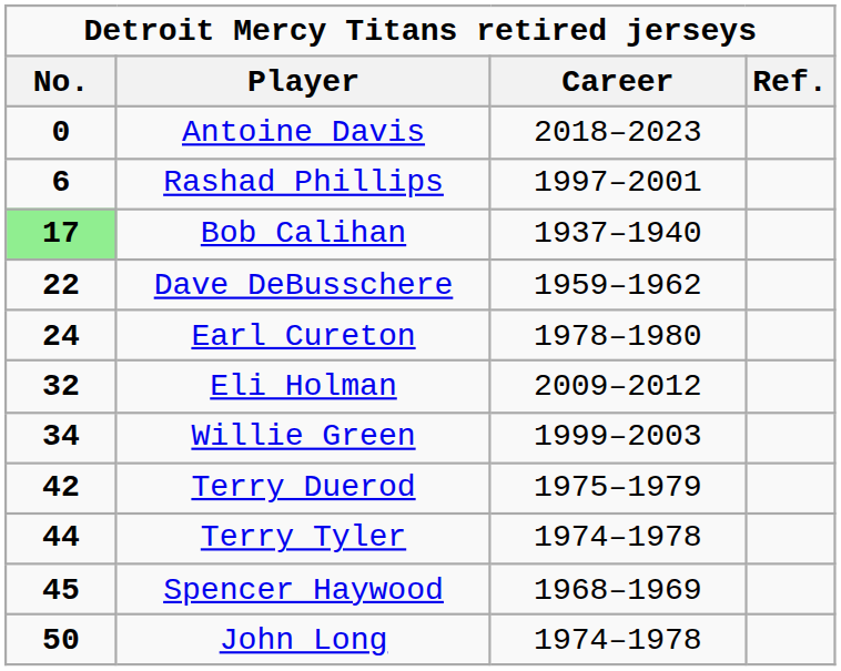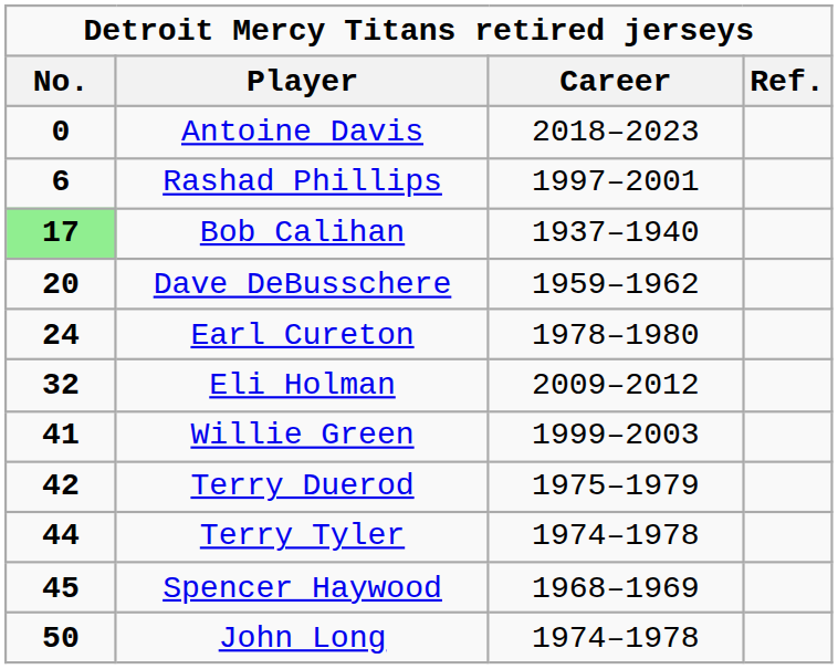 <table class="wikitable sortable" style="text-align:center">
 <tr>
 <td colspan=6><strong>Detroit Mercy Titans retired jerseys</strong></td>
 </tr>
 <tr>
 <th width=40px>No.</th>
 <th width=150px>Player</th>
 <th width=100px>Career</th>
 <th width=px>Ref.</th>
 </tr>
 <tr>
 <td><strong>0</strong></td>
 <td><a href='#'>Antoine Davis</a></td>
 <td>2018–2023</td>
 <td></td>
 </tr>
 <tr>
 <td><strong>6</strong></td>
 <td><a href='#'>Rashad Phillips</a></td>
 <td>1997–2001</td>
 <td></td>
 </tr>
 <tr>
 <td style="background: lightgreen;"><strong>17</strong></td>
 <td><a href='#'>Bob Calihan</a></td>
 <td>1937–1940</td>
 <td></td>
 </tr>
 <tr>
-<td><strong>22</strong></td>
+<td><strong>20</strong></td>
 <td><a href='#'>Dave DeBusschere</a></td>
 <td>1959–1962</td>
 <td></td>
 </tr>
 <tr>
 <td><strong>24</strong></td>
 <td><a href='#'>Earl Cureton</a></td>
 <td>1978–1980</td>
 <td></td>
 </tr>
 <tr>
 <td><strong>32</strong></td>
 <td><a href='#'>Eli Holman</a></td>
 <td>2009–2012</td>
 <td></td>
 </tr>
 <tr>
-<td><strong>34</strong></td>
+<td><strong>41</strong></td>
 <td><a href='#'>Willie Green</a></td>
 <td>1999–2003</td>
 <td></td>
 </tr>
 <tr>
 <td><strong>42</strong></td>
 <td><a href='#'>Terry Duerod</a></td>
 <td>1975–1979</td>
 <td></td>
 </tr>
 <tr>
 <td><strong>44</strong></td>
 <td><a href='#'>Terry Tyler</a></td>
 <td>1974–1978</td>
 <td></td>
 </tr>
 <tr>
 <td><strong>45</strong></td>
 <td><a href='#'>Spencer Haywood</a></td>
 <td>1968–1969</td>
 <td></td>
 </tr>
 <tr>
 <td><strong>50</strong></td>
 <td><a href='#'>John Long</a></td>
 <td>1974–1978</td>
 <td></td>
 </tr>
 </table>
